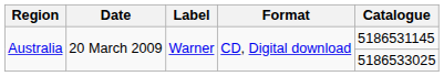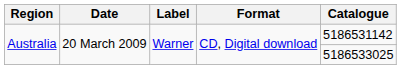 <table class="wikitable">
 <tr>
 <th>Region</th>
 <th>Date</th>
 <th>Label</th>
 <th>Format</th>
 <th>Catalogue</th>
 </tr>
 <tr>
 <td rowspan="2"><a href='#'>Australia</a></td>
 <td rowspan="2">20 March 2009</td>
 <td rowspan="2"><a href='#'>Warner</a></td>
 <td rowspan="2"><a href='#'>CD</a>, <a href='#'>Digital download</a></td>
-<td>5186531145</td>
+<td>5186531142</td>
 </tr>
 <tr>
 <td>5186533025</td>
 </tr>
 </table>
